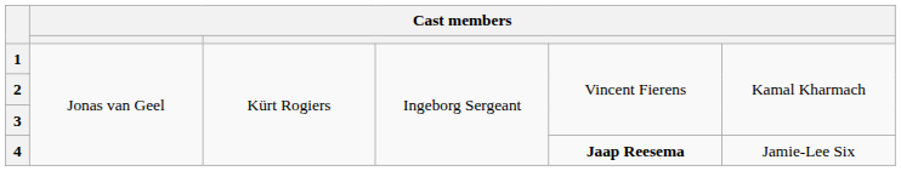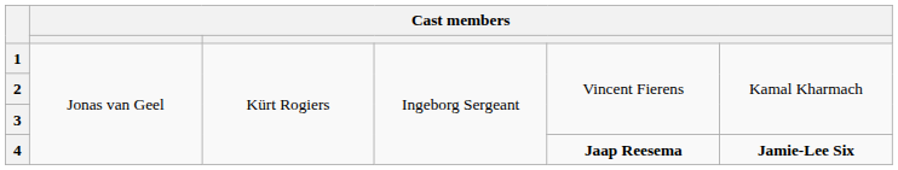 <table class="wikitable plainrowheaders" style="width:100%; text-align:center; line-height:23px;">
 <tr>
 <th rowspan=2 width=1%></th>
 <th colspan=5>Cast members </th>
 </tr>
 <tr>
 <th></th>
 <th colspan=4></th>
 </tr>
 <tr>
 <th>1</th>
 <td rowspan=4 width=10%>Jonas van Geel</td>
 <td rowspan=4 width=10%>Kürt Rogiers</td>
 <td rowspan=4 width=10%>Ingeborg Sergeant</td>
 <td rowspan=3 width=10%>Vincent Fierens</td>
 <td rowspan=3 width=10%>Kamal Kharmach</td>
 </tr>
 <tr>
 <th>2</th>
 </tr>
 <tr>
 <th>3</th>
 </tr>
 <tr>
 <th>4</th>
 <td width=10%><strong>Jaap Reesema</strong></td>
-<td width=10%>Jamie-Lee Six</td>
+<td width=10%><strong>Jamie-Lee Six</strong></td>
 </tr>
 </table>
